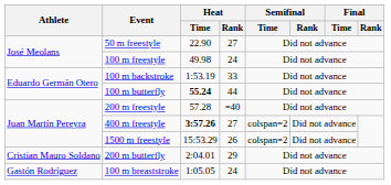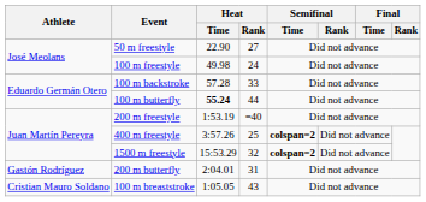 <table class=wikitable style="font-size:90%">
 <tr>
 <th rowspan="2">Athlete</th>
 <th rowspan="2">Event</th>
 <th colspan="2">Heat</th>
 <th colspan="2">Semifinal</th>
 <th colspan="2">Final</th>
 </tr>
 <tr style="font-size:95%">
 <th>Time</th>
 <th>Rank</th>
 <th>Time</th>
 <th>Rank</th>
 <th>Time</th>
 <th>Rank</th>
 </tr>
 <tr align=center>
 <td align=left rowspan=2><a href='#'>José Meolans</a></td>
 <td align=left><a href='#'>50 m freestyle</a></td>
 <td>22.90</td>
 <td>27</td>
 <td colspan=4>Did not advance</td>
 </tr>
 <tr align=center>
 <td align=left><a href='#'>100 m freestyle</a></td>
 <td>49.98</td>
 <td>24</td>
 <td colspan=4>Did not advance</td>
 </tr>
 <tr align=center>
 <td align=left rowspan=2><a href='#'>Eduardo Germán Otero</a></td>
 <td align=left><a href='#'>100 m backstroke</a></td>
-<td>1:53.19</td>
+<td>57.28</td>
 <td>33</td>
 <td colspan=4>Did not advance</td>
 </tr>
 <tr align=center>
 <td align=left><a href='#'>100 m butterfly</a></td>
 <td><strong>55.24</strong></td>
 <td>44</td>
 <td colspan=4>Did not advance</td>
 </tr>
 <tr align=center>
 <td align=left rowspan=3><a href='#'>Juan Martín Pereyra</a></td>
 <td align=left><a href='#'>200 m freestyle</a></td>
-<td>57.28</td>
+<td>1:53.19</td>
 <td>=40</td>
 <td colspan=4>Did not advance</td>
 </tr>
 <tr align=center>
 <td align=left><a href='#'>400 m freestyle</a></td>
-<td><strong>3:57.26</strong></td>
-<td>27</td>
-<td>colspan=2 </td>
+<td>3:57.26</td>
+<td>25</td>
+<td><strong>colspan=2 </strong></td>
 <td colspan=2>Did not advance</td>
 </tr>
 <tr align=center>
 <td align=left><a href='#'>1500 m freestyle</a></td>
 <td>15:53.29</td>
-<td>26</td>
-<td>colspan=2 </td>
+<td>32</td>
+<td><strong>colspan=2 </strong></td>
 <td colspan=2>Did not advance</td>
 </tr>
 <tr align=center>
-<td align=left><a href='#'>Cristian Mauro Soldano</a></td>
+<td align=left><a href='#'>Gastón Rodríguez</a></td>
 <td align=left><a href='#'>200 m butterfly</a></td>
 <td>2:04.01</td>
-<td>29</td>
+<td>31</td>
 <td colspan=4>Did not advance</td>
 </tr>
 <tr align=center>
-<td align=left><a href='#'>Gastón Rodríguez</a></td>
+<td align=left><a href='#'>Cristian Mauro Soldano</a></td>
 <td align=left><a href='#'>100 m breaststroke</a></td>
 <td>1:05.05</td>
-<td>24</td>
+<td>43</td>
 <td colspan=4>Did not advance</td>
 </tr>
 </table>
